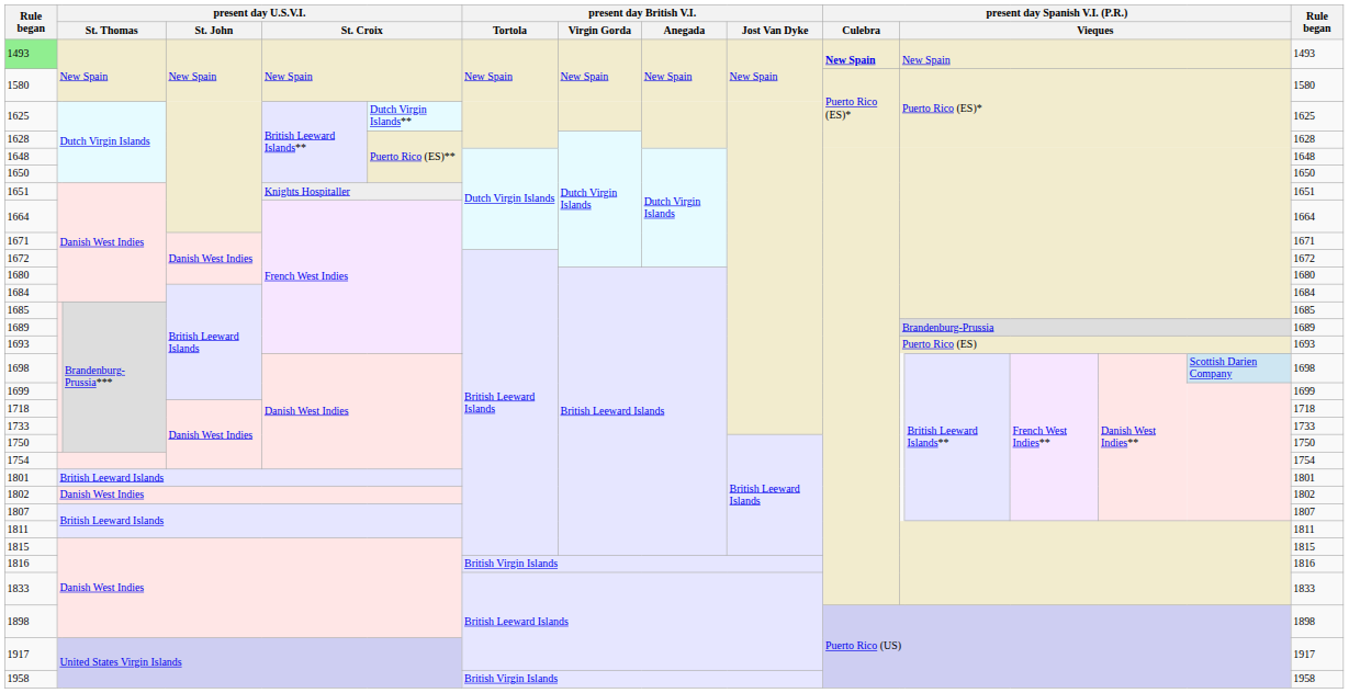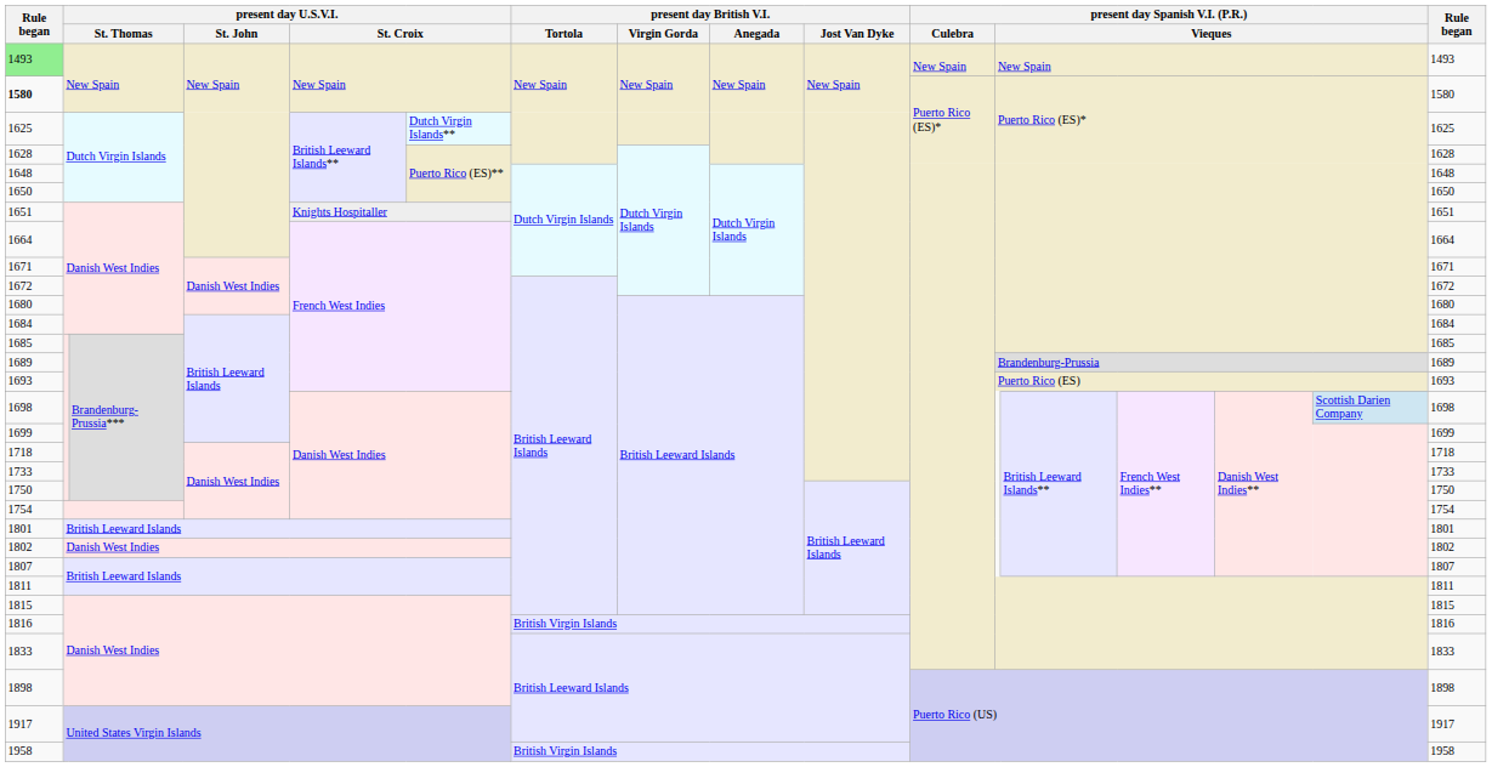 <table class="wikitable mw-collapsible">
 <tr>
 <th rowspan="2">Rule began</th>
 <th colspan="5">present day U.S.V.I.</th>
 <th colspan="4">present day British V.I.</th>
 <th colspan="6">present day Spanish V.I. (P.R.)</th>
 <th rowspan="2">Rule began</th>
 </tr>
 <tr>
 <th colspan="2">St. Thomas</th>
 <th>St. John</th>
 <th colspan="2">St. Croix</th>
 <th>Tortola</th>
 <th>Virgin Gorda</th>
 <th>Anegada</th>
 <th>Jost Van Dyke</th>
 <th>Culebra</th>
 <th colspan="5">Vieques</th>
 </tr>
 <tr>
 <td style="background: lightgreen;">1493</td>
 <td colspan="2" rowspan="2" style="background:#F2ECCE;"><br><a href='#'>New Spain</a></td>
 <td style='background:#F2ECCE; border-style : solid solid none solid;' rowspan="2"><br><a href='#'>New Spain</a></td>
 <td style='background:#F2ECCE;' colspan="2" rowspan="2"><br><a href='#'>New Spain</a></td>
 <td style='background:#F2ECCE; border-style : solid solid none solid;' rowspan="2"><br><a href='#'>New Spain</a></td>
 <td style='background:#F2ECCE; border-style : solid solid none solid;' rowspan="2"><br><a href='#'>New Spain</a></td>
 <td style='background:#F2ECCE; border-style : solid solid none solid;' rowspan="2"><br><a href='#'>New Spain</a></td>
 <td style='background:#F2ECCE; border-style : solid solid none solid;' rowspan="2"><br><a href='#'>New Spain</a></td>
-<td style='background:#F2ECCE;'><strong><br><a href='#'>New Spain</a></strong></td>
+<td style='background:#F2ECCE;'><br><a href='#'>New Spain</a></td>
 <td colspan="5" style="background:#F2ECCE;"><br><a href='#'>New Spain</a></td>
 <td>1493</td>
 </tr>
 <tr style=height:3em>
-<td>1580</td>
+<td><strong>1580</strong></td>
 <td rowspan="4" style="background:#F2ECCE; border-style : solid solid none solid;"><a href='#'>Puerto Rico</a> (ES)*</td>
 <td colspan="5" rowspan="4" style="background:#F2ECCE; border-style : solid solid none solid;"><a href='#'>Puerto Rico</a> (ES)*</td>
 <td>1580</td>
 </tr>
 <tr>
 <td rowspan="2">1625</td>
 <td colspan="2" rowspan="5" style="background:#E6FBFF; border-style : solid solid none solid;"><a href='#'>Dutch Virgin Islands</a></td>
 <td rowspan="7" style="background:#F2ECCE; border-style : none solid none solid;"></td>
 <td rowspan="5" style="background:#E6E6FF;"><a href='#'>British Leeward Islands</a>**</td>
 <td style="background:#E6FBFF;"><a href='#'>Dutch Virgin Islands</a>**</td>
 <td rowspan="3" style="background:#F2ECCE; border-style : none solid none solid;"></td>
 <td style='background:#F2ECCE; border-style : none solid none solid;' rowspan="2"></td>
 <td rowspan="3" style="background:#F2ECCE; border-style : none solid none solid;"></td>
 <td rowspan="19" style="background:#F2ECCE; border-style : none solid none solid;"></td>
 <td rowspan="2">1625</td>
 </tr>
 <tr>
 <td rowspan="4" style="background:#F2ECCE;"><a href='#'>Puerto Rico</a> (ES)**</td>
 </tr>
 <tr>
 <td>1628</td>
 <td rowspan="7" style="background:#E6FBFF;"><a href='#'>Dutch Virgin Islands</a></td>
 <td>1628</td>
 </tr>
 <tr>
 <td>1648</td>
 <td rowspan="5" style="background:#E6FBFF; border-style : solid solid none solid;"><a href='#'>Dutch Virgin Islands</a></td>
 <td rowspan="6" style="background:#E6FBFF; border-style : solid solid none solid;"><a href='#'>Dutch Virgin Islands</a></td>
 <td rowspan="25" style="background:#F2ECCE; border-style : none solid none solid;"></td>
 <td colspan="5" rowspan="9" style="background:#F2ECCE; border-style : none solid none solid;"></td>
 <td>1648</td>
 </tr>
 <tr>
 <td>1650</td>
 <td>1650</td>
 </tr>
 <tr>
 <td>1651</td>
 <td colspan="2" rowspan="6" style="background:#FFE6E6; border-style : solid none none solid;"><a href='#'>Danish West Indies</a></td>
 <td colspan="2" style="background:#EEEEEE;"><a href='#'>Knights Hospitaller</a></td>
 <td>1651</td>
 </tr>
 <tr style="height:3em">
 <td>1664</td>
 <td colspan="2" rowspan="8" style="background:#F7E6FF;"><a href='#'>French West Indies</a></td>
 <td>1664</td>
 </tr>
 <tr>
 <td>1671</td>
 <td style="background:#FFE6E6;" rowspan="3"><a href='#'>Danish West Indies</a></td>
 <td>1671</td>
 </tr>
 <tr>
 <td>1672</td>
 <td rowspan="18" style="background:#E6E6FF;"><a href='#'>British Leeward Islands</a></td>
 <td>1672</td>
 </tr>
 <tr>
 <td>1680</td>
 <td colspan="2" rowspan="17" style="background:#E6E6FF;"><a href='#'>British Leeward Islands</a></td>
 <td>1680</td>
 </tr>
 <tr>
 <td>1684</td>
 <td rowspan="7" style="background:#E6E6FF;"><a href='#'>British Leeward Islands</a></td>
 <td>1684</td>
 </tr>
 <tr>
 <td>1685</td>
 <td style="background:#FFE6E6;" rowspan="9"></td>
 <td rowspan="9" style="background:#DDDDDD;"><a href='#'>Brandenburg-Prussia</a>***</td>
 <td>1685</td>
 </tr>
 <tr>
 <td>1689</td>
 <td colspan="5" style="background:#DDDDDD;"><a href='#'>Brandenburg-Prussia</a></td>
 <td>1689</td>
 </tr>
 <tr>
 <td>1693</td>
 <td colspan="5" rowspan="2" style="background:#F2ECCE; border-style : solid solid none solid;"><a href='#'>Puerto Rico</a> (ES)</td>
 <td>1693</td>
 </tr>
 <tr>
 <td rowspan="2">1698</td>
 <td style="background:#FFE6E6;" colspan="2" rowspan="7"><a href='#'>Danish West Indies</a></td>
 <td rowspan="2">1698</td>
 </tr>
 <tr>
 <td rowspan="9" style="border-style : none solid none solid;" style="background:#F2ECCE;"></td>
 <td rowspan="9" style="background:#E6E6FF;"><a href='#'>British Leeward Islands</a>**</td>
 <td rowspan="9" style="background:#F7E6FF;"><a href='#'>French West Indies</a>**</td>
 <td style="background:#FFE6E6; border-style : solid none solid solid;" rowspan="9"><a href='#'>Danish West Indies</a>**</td>
 <td style="background:#CEE6F2;"><a href='#'>Scottish Darien Company</a></td>
 </tr>
 <tr>
 <td>1699</td>
 <td style="background:#FFE6E6; border-style : solid solid solid none;"  rowspan="8"></td>
 <td>1699</td>
 </tr>
 <tr>
 <td>1718</td>
 <td style="background:#FFE6E6;" rowspan="4"><a href='#'>Danish West Indies</a></td>
 <td>1718</td>
 </tr>
 <tr>
 <td>1733</td>
 <td>1733</td>
 </tr>
 <tr>
 <td>1750</td>
 <td rowspan="7" style="background:#E6E6FF;"><a href='#'>British Leeward Islands</a></td>
 <td>1750</td>
 </tr>
 <tr>
 <td>1754</td>
 <td style="background:#FFE6E6;" colspan="2"></td>
 <td>1754</td>
 </tr>
 <tr>
 <td>1801</td>
 <td colspan="5" style="background:#E6E6FF;"><a href='#'>British Leeward Islands</a></td>
 <td>1801</td>
 </tr>
 <tr>
 <td>1802</td>
 <td style="background:#FFE6E6;" colspan="5"><a href='#'>Danish West Indies</a></td>
 <td>1802</td>
 </tr>
 <tr>
 <td>1807</td>
 <td colspan="5" rowspan="2" style="background:#E6E6FF;"><a href='#'>British Leeward Islands</a></td>
 <td>1807</td>
 </tr>
 <tr>
 <td>1811</td>
 <td colspan="5" rowspan="4" style="background:#F2ECCE; border-style : none solid solid solid;"></td>
 <td>1811</td>
 </tr>
 <tr>
 <td>1815</td>
 <td colspan="5" rowspan="4" style="background:#FFE6E6; border-style : solid solid none solid;"><a href='#'>Danish West Indies</a></td>
 <td>1815</td>
 </tr>
 <tr>
 <td>1816</td>
 <td style="background:#E6E6FF;" colspan="4"><a href='#'>British Virgin Islands</a></td>
 <td>1816</td>
 </tr>
 <tr style="height:3em">
 <td>1833</td>
 <td colspan="4" rowspan="3" style="background:#E6E6FF;"><a href='#'>British Leeward Islands</a></td>
 <td>1833</td>
 </tr>
 <tr style="height:3em">
 <td>1898</td>
 <td colspan="6" rowspan="3" style="background:#CECEF2;"><a href='#'>Puerto Rico</a> (US)</td>
 <td>1898</td>
 </tr>
 <tr style="height:3em">
 <td>1917</td>
 <td colspan="5" rowspan="2" style="background:#CECEF2;"><a href='#'>United States Virgin Islands</a></td>
 <td>1917</td>
 </tr>
 <tr>
 <td>1958</td>
 <td style="background:#E6E6FF;" colspan="4"><a href='#'>British Virgin Islands</a></td>
 <td>1958</td>
 </tr>
 </table>
